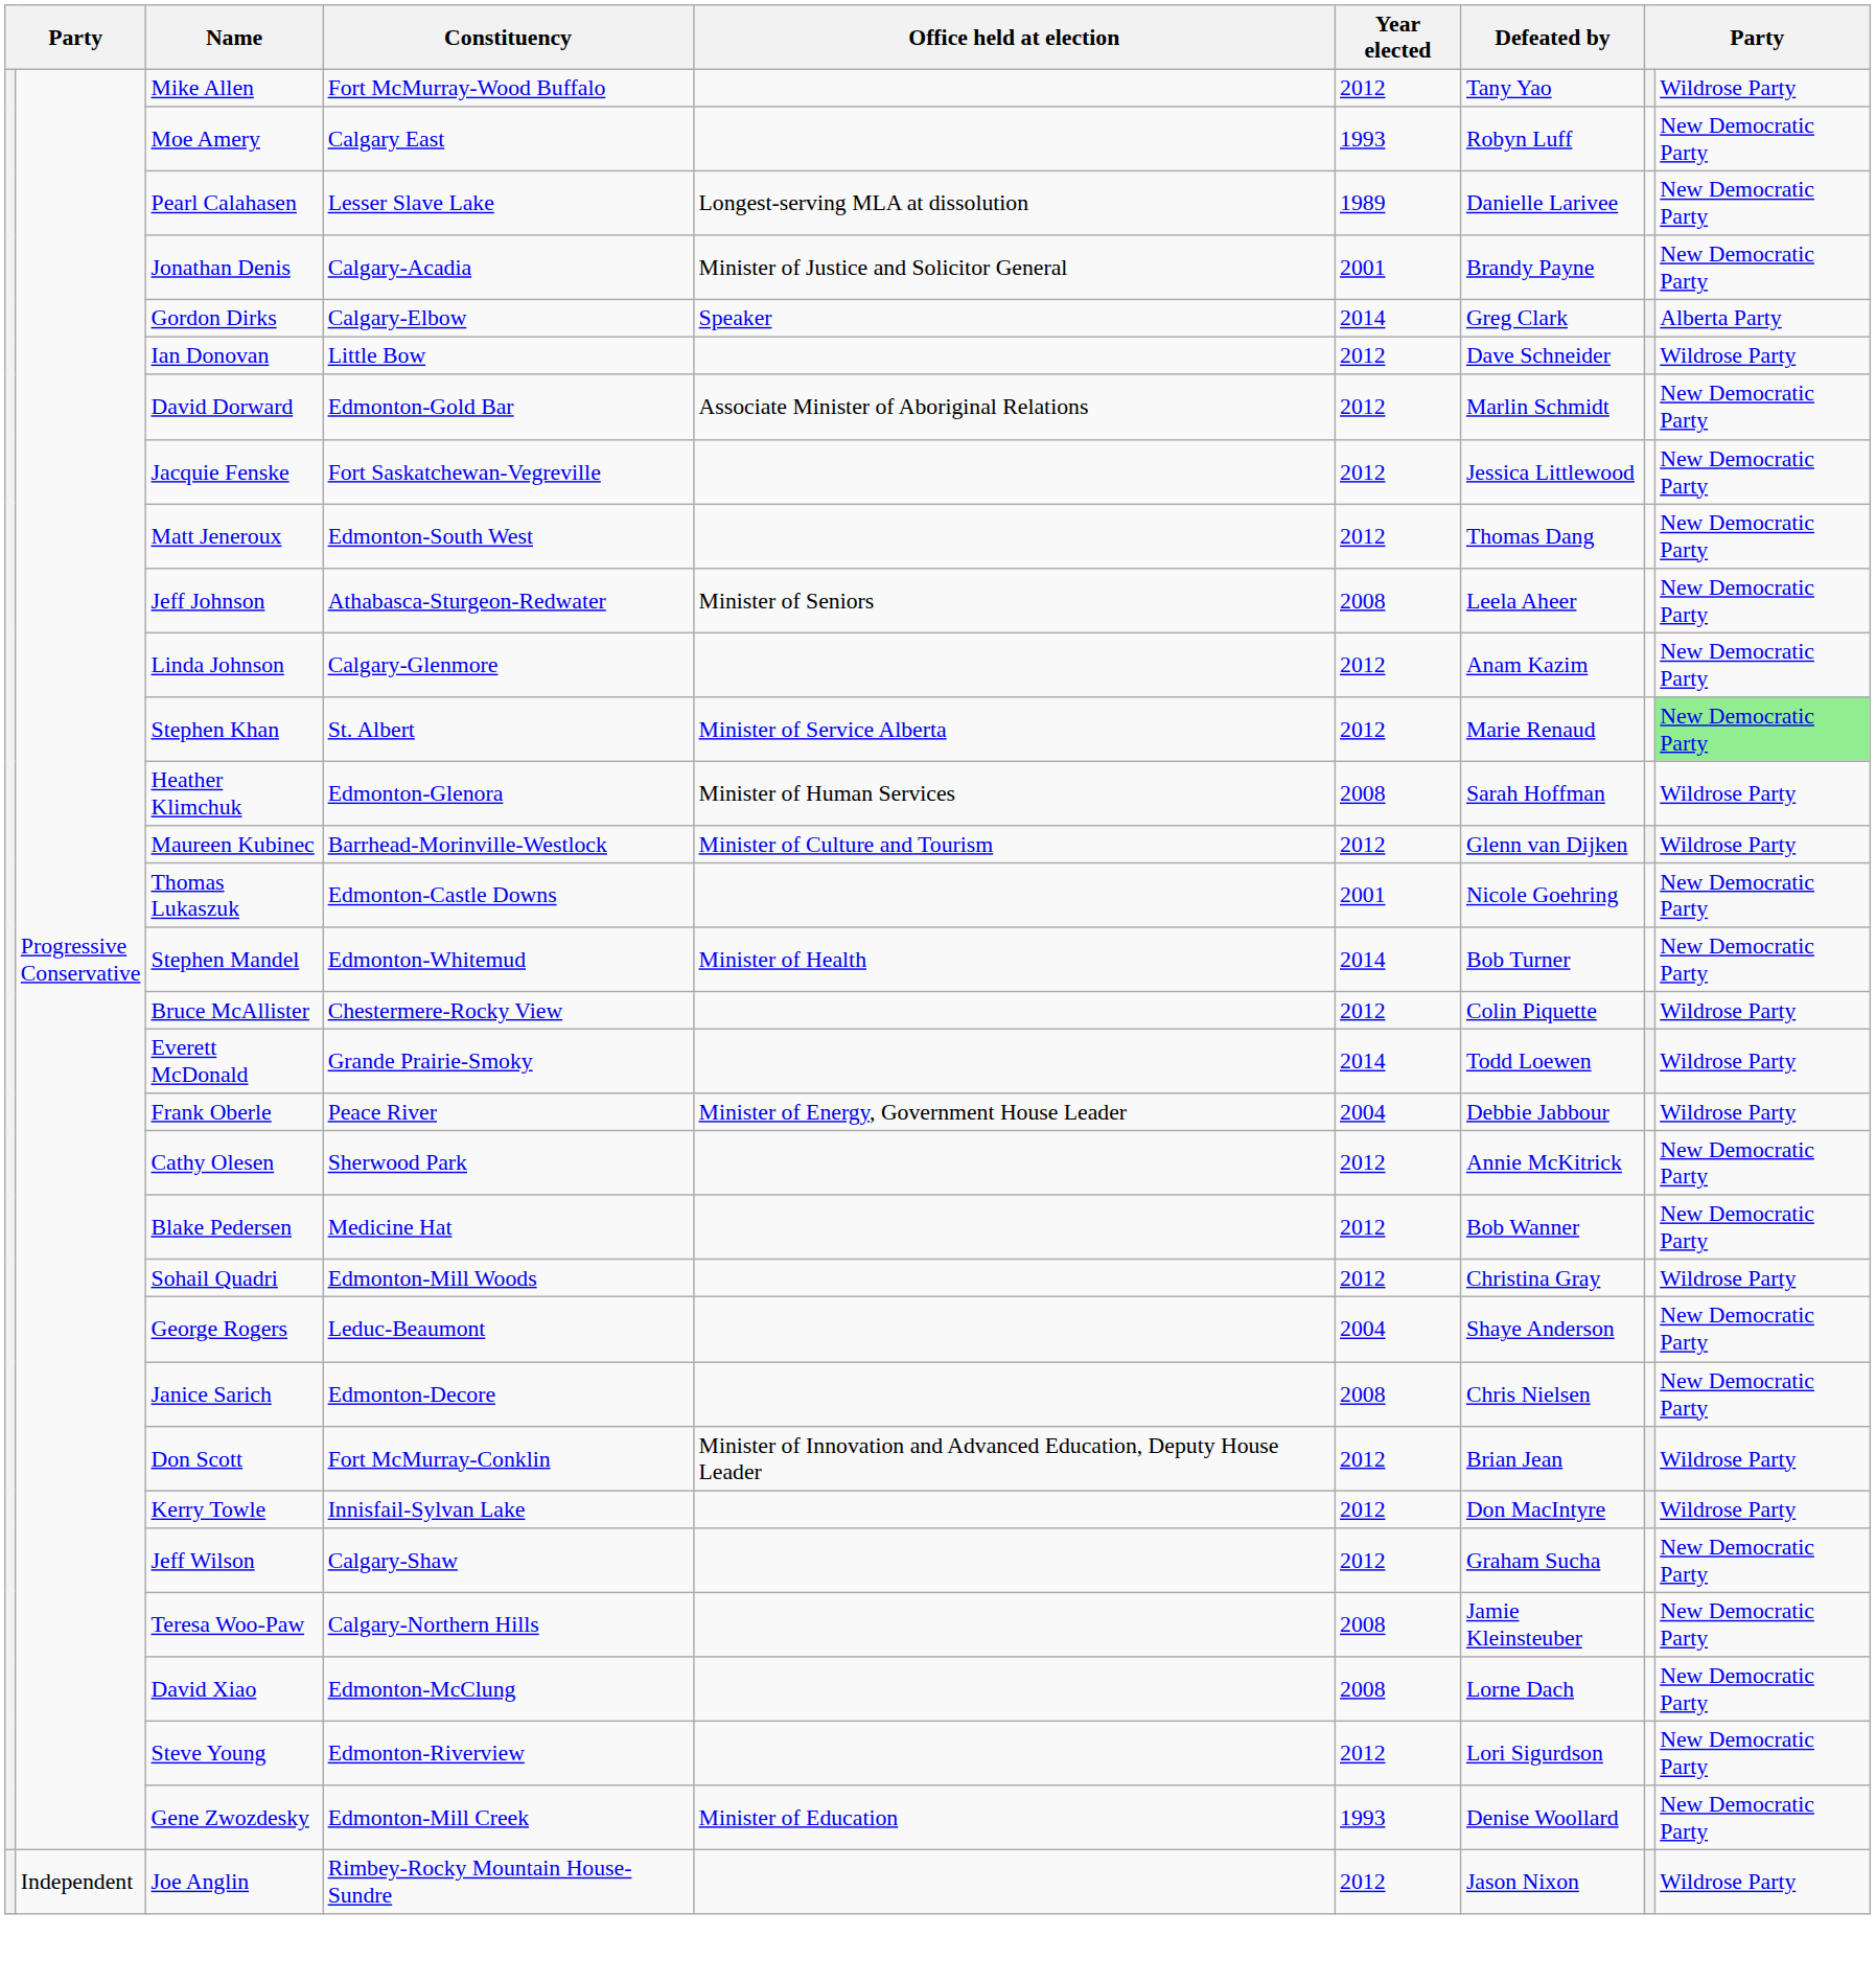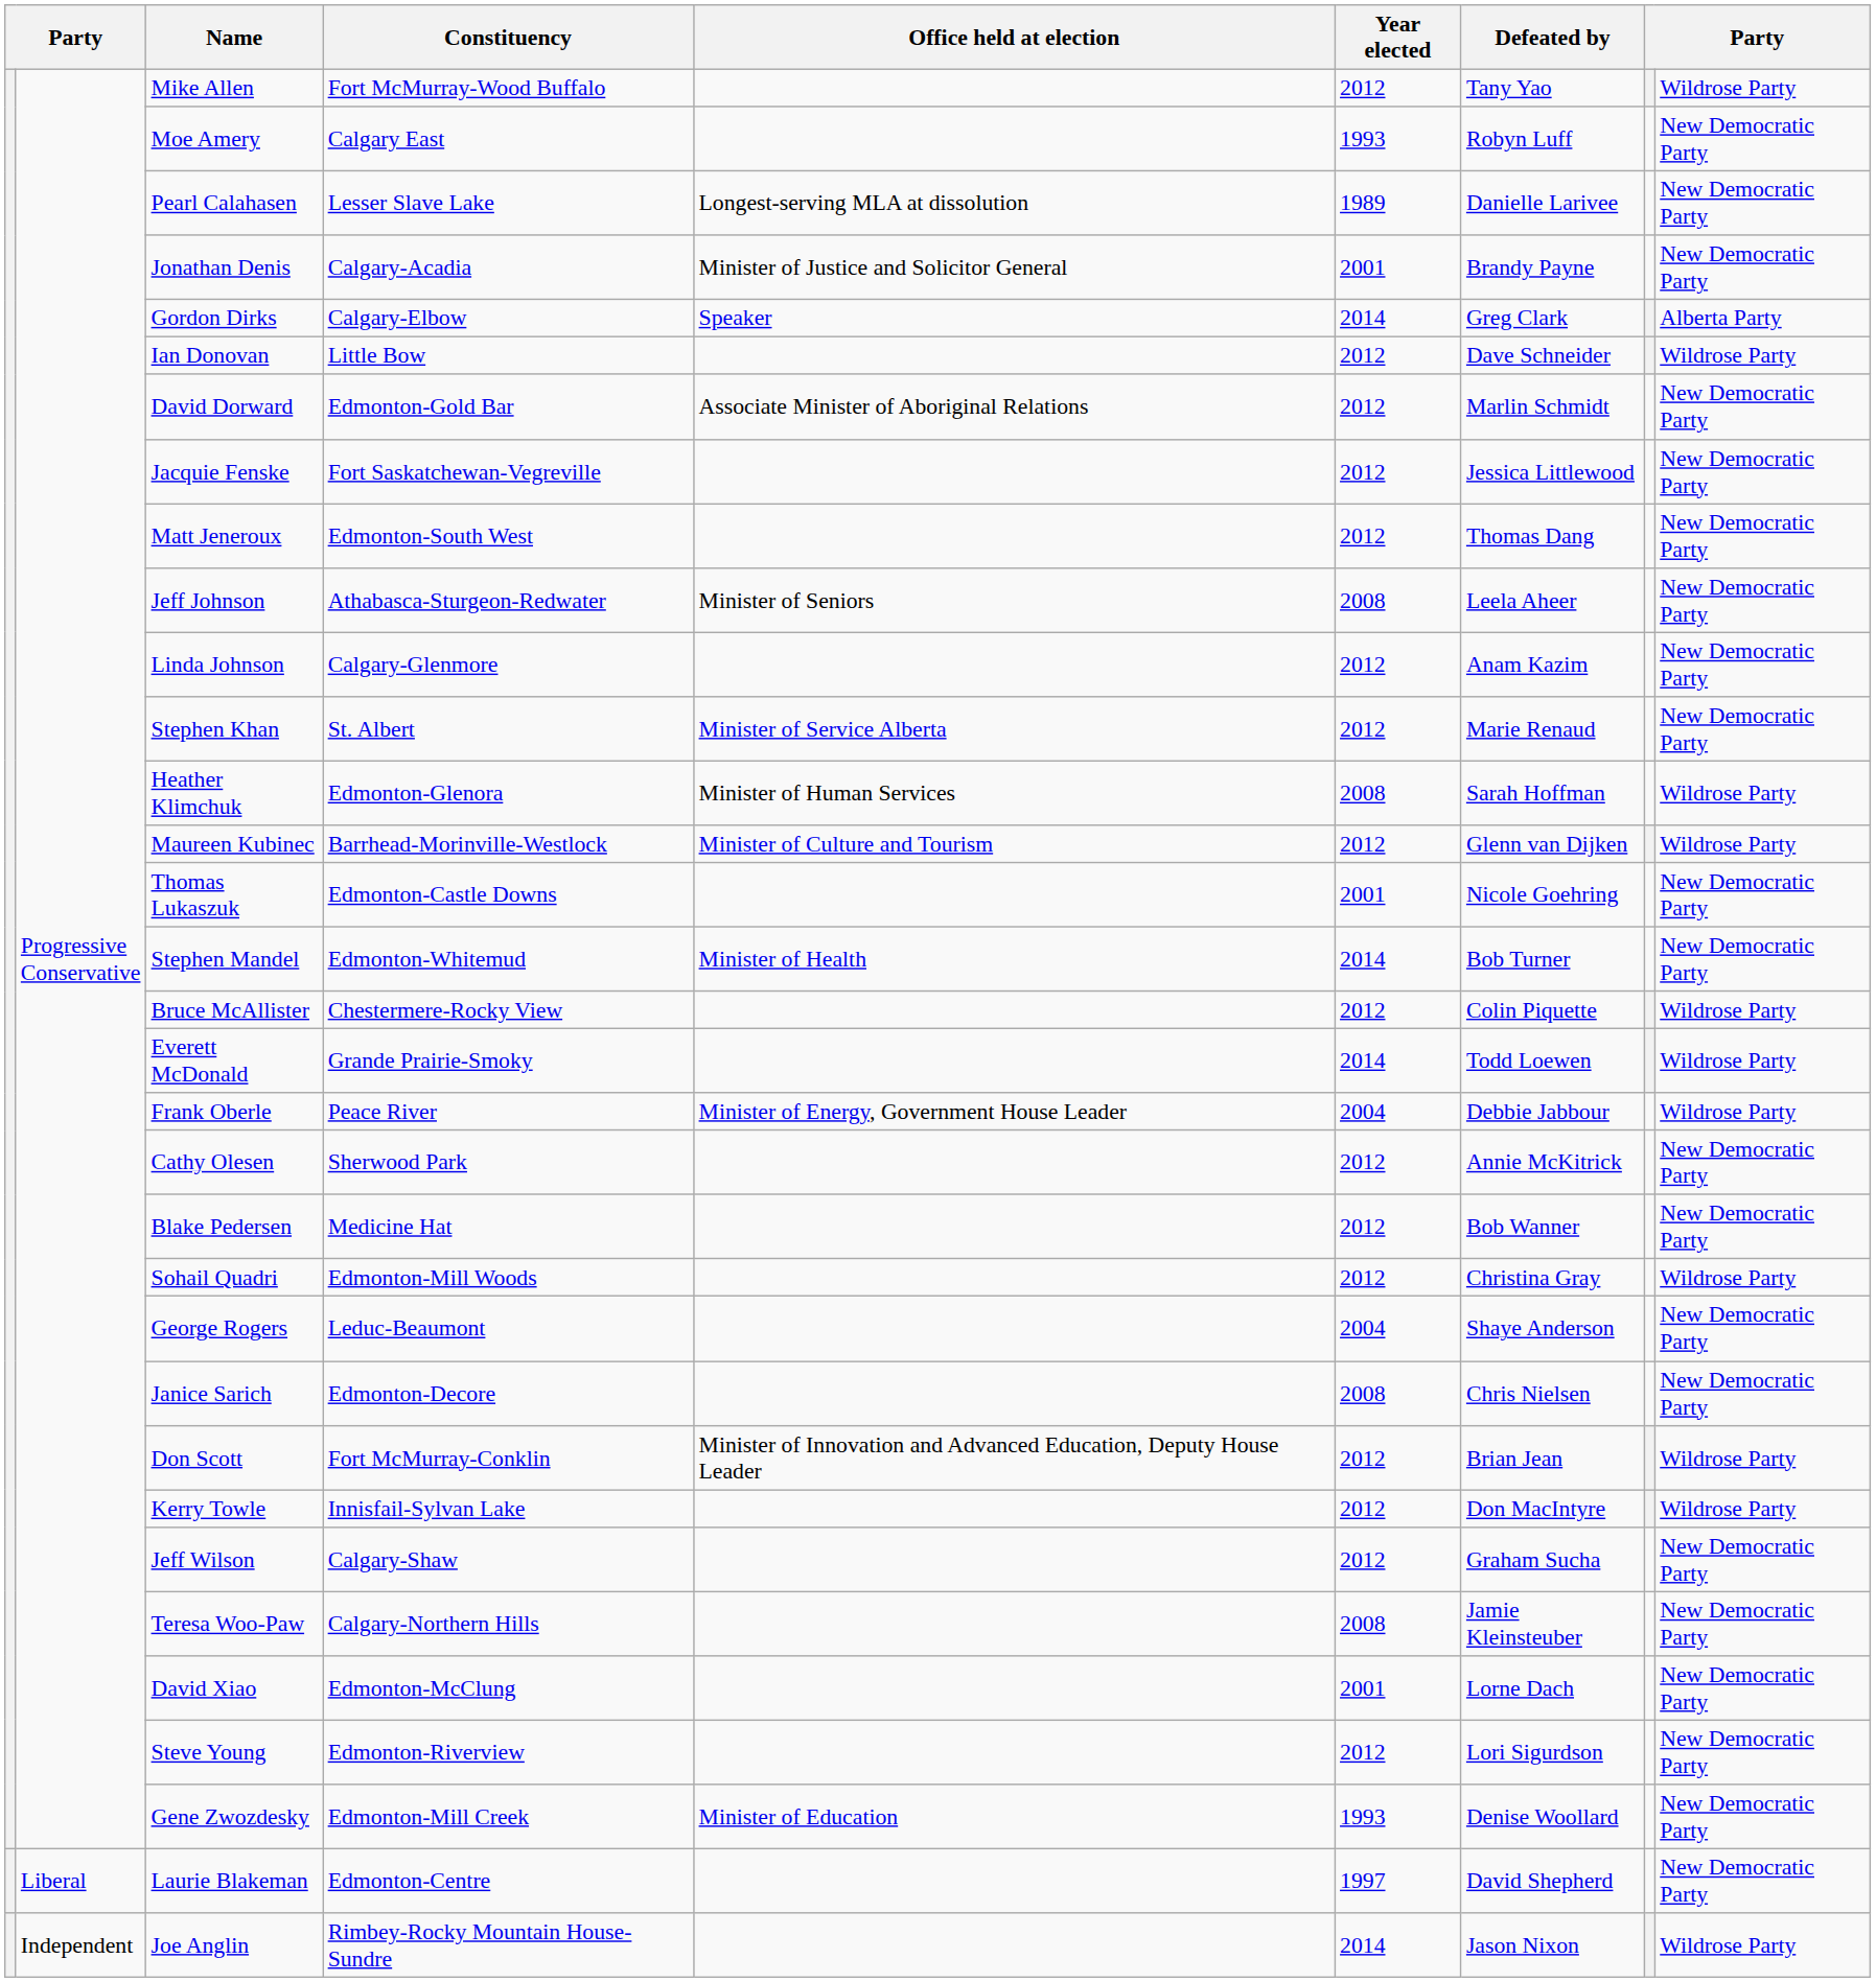 <table class="wikitable" style="font-size: 95%;">
 <tr>
 <th colspan=2>Party</th>
 <th>Name</th>
 <th>Constituency</th>
 <th>Office held at election</th>
 <th>Year elected</th>
 <th>Defeated by</th>
 <th colspan=2>Party</th>
 </tr>
 <tr>
 <th rowspan=31 style="background-color: "></th>
 <td rowspan=31><a href='#'>Progressive<br>Conservative</a></td>
 <td><a href='#'>Mike Allen</a></td>
 <td><a href='#'>Fort McMurray-Wood Buffalo</a></td>
 <td></td>
 <td><a href='#'>2012</a></td>
 <td><a href='#'>Tany Yao</a></td>
 <th rowspan=1 style="background-color: "></th>
 <td><a href='#'>Wildrose Party</a></td>
 </tr>
 <tr>
 <td><a href='#'>Moe Amery</a></td>
 <td><a href='#'>Calgary East</a></td>
 <td></td>
 <td><a href='#'>1993</a></td>
 <td><a href='#'>Robyn Luff</a></td>
 <td></td>
 <td><a href='#'>New Democratic Party</a></td>
 </tr>
 <tr>
 <td><a href='#'>Pearl Calahasen</a></td>
 <td><a href='#'>Lesser Slave Lake</a></td>
 <td>Longest-serving MLA at dissolution</td>
 <td><a href='#'>1989</a></td>
 <td><a href='#'>Danielle Larivee</a></td>
 <td></td>
 <td><a href='#'>New Democratic Party</a></td>
 </tr>
 <tr>
 <td><a href='#'>Jonathan Denis</a></td>
 <td><a href='#'>Calgary-Acadia</a></td>
 <td>Minister of Justice and Solicitor General</td>
 <td><a href='#'>2001</a></td>
 <td><a href='#'>Brandy Payne</a></td>
 <td></td>
 <td><a href='#'>New Democratic Party</a></td>
 </tr>
 <tr>
 <td><a href='#'>Gordon Dirks</a></td>
 <td><a href='#'>Calgary-Elbow</a></td>
 <td><a href='#'>Speaker</a></td>
 <td><a href='#'>2014</a></td>
 <td><a href='#'>Greg Clark</a></td>
 <th rowspan=1 style="background-color: "></th>
 <td><a href='#'>Alberta Party</a></td>
 </tr>
 <tr>
 <td><a href='#'>Ian Donovan</a></td>
 <td><a href='#'>Little Bow</a></td>
 <td></td>
 <td><a href='#'>2012</a></td>
 <td><a href='#'>Dave Schneider</a></td>
 <th rowspan=1 style="background-color: "></th>
 <td><a href='#'>Wildrose Party</a></td>
 </tr>
 <tr>
 <td><a href='#'>David Dorward</a></td>
 <td><a href='#'>Edmonton-Gold Bar</a></td>
 <td>Associate Minister of Aboriginal Relations</td>
 <td><a href='#'>2012</a></td>
 <td><a href='#'>Marlin Schmidt</a></td>
 <td></td>
 <td><a href='#'>New Democratic Party</a></td>
 </tr>
 <tr>
 <td><a href='#'>Jacquie Fenske</a></td>
 <td><a href='#'>Fort Saskatchewan-Vegreville</a></td>
 <td></td>
 <td><a href='#'>2012</a></td>
 <td><a href='#'>Jessica Littlewood</a></td>
 <td></td>
 <td><a href='#'>New Democratic Party</a></td>
 </tr>
 <tr>
 <td><a href='#'>Matt Jeneroux</a></td>
 <td><a href='#'>Edmonton-South West</a></td>
 <td></td>
 <td><a href='#'>2012</a></td>
 <td><a href='#'>Thomas Dang</a></td>
 <td></td>
 <td><a href='#'>New Democratic Party</a></td>
 </tr>
 <tr>
 <td><a href='#'>Jeff Johnson</a></td>
 <td><a href='#'>Athabasca-Sturgeon-Redwater</a></td>
 <td>Minister of Seniors</td>
 <td><a href='#'>2008</a></td>
 <td><a href='#'>Leela Aheer</a></td>
 <td></td>
 <td><a href='#'>New Democratic Party</a></td>
 </tr>
 <tr>
 <td><a href='#'>Linda Johnson</a></td>
 <td><a href='#'>Calgary-Glenmore</a></td>
 <td></td>
 <td><a href='#'>2012</a></td>
 <td><a href='#'>Anam Kazim</a></td>
 <td></td>
 <td><a href='#'>New Democratic Party</a></td>
 </tr>
 <tr>
 <td><a href='#'>Stephen Khan</a></td>
 <td><a href='#'>St. Albert</a></td>
 <td><a href='#'>Minister of Service Alberta</a></td>
 <td><a href='#'>2012</a></td>
 <td><a href='#'>Marie Renaud</a></td>
 <td></td>
-<td style="background: lightgreen;"><a href='#'>New Democratic Party</a></td>
+<td><a href='#'>New Democratic Party</a></td>
 </tr>
 <tr>
 <td><a href='#'>Heather Klimchuk</a></td>
 <td><a href='#'>Edmonton-Glenora</a></td>
 <td>Minister of Human Services</td>
 <td><a href='#'>2008</a></td>
 <td><a href='#'>Sarah Hoffman</a></td>
 <td></td>
 <td><a href='#'>Wildrose Party</a></td>
 </tr>
 <tr>
 <td><a href='#'>Maureen Kubinec</a></td>
 <td><a href='#'>Barrhead-Morinville-Westlock</a></td>
 <td><a href='#'>Minister of Culture and Tourism</a></td>
 <td><a href='#'>2012</a></td>
 <td><a href='#'>Glenn van Dijken</a></td>
 <th rowspan=1 style="background-color: "></th>
 <td><a href='#'>Wildrose Party</a></td>
 </tr>
 <tr>
 <td><a href='#'>Thomas Lukaszuk</a></td>
 <td><a href='#'>Edmonton-Castle Downs</a></td>
 <td></td>
 <td><a href='#'>2001</a></td>
 <td><a href='#'>Nicole Goehring</a></td>
 <td></td>
 <td><a href='#'>New Democratic Party</a></td>
 </tr>
 <tr>
 <td><a href='#'>Stephen Mandel</a></td>
 <td><a href='#'>Edmonton-Whitemud</a></td>
 <td><a href='#'>Minister of Health</a></td>
 <td><a href='#'>2014</a></td>
 <td><a href='#'>Bob Turner</a></td>
 <td></td>
 <td><a href='#'>New Democratic Party</a></td>
 </tr>
 <tr>
 <td><a href='#'>Bruce McAllister</a></td>
 <td><a href='#'>Chestermere-Rocky View</a></td>
 <td></td>
 <td><a href='#'>2012</a></td>
 <td><a href='#'>Colin Piquette</a></td>
 <th rowspan=1 style="background-color: "></th>
 <td><a href='#'>Wildrose Party</a></td>
 </tr>
 <tr>
 <td><a href='#'>Everett McDonald</a></td>
 <td><a href='#'>Grande Prairie-Smoky</a></td>
 <td></td>
 <td><a href='#'>2014</a></td>
 <td><a href='#'>Todd Loewen</a></td>
 <th rowspan=1 style="background-color: "></th>
 <td><a href='#'>Wildrose Party</a></td>
 </tr>
 <tr>
 <td><a href='#'>Frank Oberle</a></td>
 <td><a href='#'>Peace River</a></td>
 <td><a href='#'>Minister of Energy</a>, Government House Leader</td>
 <td><a href='#'>2004</a></td>
 <td><a href='#'>Debbie Jabbour</a></td>
 <td></td>
 <td><a href='#'>Wildrose Party</a></td>
 </tr>
 <tr>
 <td><a href='#'>Cathy Olesen</a></td>
 <td><a href='#'>Sherwood Park</a></td>
 <td></td>
 <td><a href='#'>2012</a></td>
 <td><a href='#'>Annie McKitrick</a></td>
 <td></td>
 <td><a href='#'>New Democratic Party</a></td>
 </tr>
 <tr>
 <td><a href='#'>Blake Pedersen</a></td>
 <td><a href='#'>Medicine Hat</a></td>
 <td></td>
 <td><a href='#'>2012</a></td>
 <td><a href='#'>Bob Wanner</a></td>
 <td></td>
 <td><a href='#'>New Democratic Party</a></td>
 </tr>
 <tr>
 <td><a href='#'>Sohail Quadri</a></td>
 <td><a href='#'>Edmonton-Mill Woods</a></td>
 <td></td>
 <td><a href='#'>2012</a></td>
 <td><a href='#'>Christina Gray</a></td>
 <td></td>
 <td><a href='#'>Wildrose Party</a></td>
 </tr>
 <tr>
 <td><a href='#'>George Rogers</a></td>
 <td><a href='#'>Leduc-Beaumont</a></td>
 <td></td>
 <td><a href='#'>2004</a></td>
 <td><a href='#'>Shaye Anderson</a></td>
 <td></td>
 <td><a href='#'>New Democratic Party</a></td>
 </tr>
 <tr>
 <td><a href='#'>Janice Sarich</a></td>
 <td><a href='#'>Edmonton-Decore</a></td>
 <td></td>
 <td><a href='#'>2008</a></td>
 <td><a href='#'>Chris Nielsen</a></td>
 <td></td>
 <td><a href='#'>New Democratic Party</a></td>
 </tr>
 <tr>
 <td><a href='#'>Don Scott</a></td>
 <td><a href='#'>Fort McMurray-Conklin</a></td>
 <td>Minister of Innovation and Advanced Education, Deputy House Leader</td>
 <td><a href='#'>2012</a></td>
 <td><a href='#'>Brian Jean</a></td>
 <th rowspan=1 style="background-color: "></th>
 <td><a href='#'>Wildrose Party</a></td>
 </tr>
 <tr>
 <td><a href='#'>Kerry Towle</a></td>
 <td><a href='#'>Innisfail-Sylvan Lake</a></td>
 <td></td>
 <td><a href='#'>2012</a></td>
 <td><a href='#'>Don MacIntyre</a></td>
 <th rowspan=1 style="background-color: "></th>
 <td><a href='#'>Wildrose Party</a></td>
 </tr>
 <tr>
 <td><a href='#'>Jeff Wilson</a></td>
 <td><a href='#'>Calgary-Shaw</a></td>
 <td></td>
 <td><a href='#'>2012</a></td>
 <td><a href='#'>Graham Sucha</a></td>
 <td></td>
 <td><a href='#'>New Democratic Party</a></td>
 </tr>
 <tr>
 <td><a href='#'>Teresa Woo-Paw</a></td>
 <td><a href='#'>Calgary-Northern Hills</a></td>
 <td></td>
 <td><a href='#'>2008</a></td>
 <td><a href='#'>Jamie Kleinsteuber</a></td>
 <td></td>
 <td><a href='#'>New Democratic Party</a></td>
 </tr>
 <tr>
 <td><a href='#'>David Xiao</a></td>
 <td><a href='#'>Edmonton-McClung</a></td>
 <td></td>
-<td><a href='#'>2008</a></td>
+<td><a href='#'>2001</a></td>
 <td><a href='#'>Lorne Dach</a></td>
 <td></td>
 <td><a href='#'>New Democratic Party</a></td>
 </tr>
 <tr>
 <td><a href='#'>Steve Young</a></td>
 <td><a href='#'>Edmonton-Riverview</a></td>
 <td></td>
 <td><a href='#'>2012</a></td>
 <td><a href='#'>Lori Sigurdson</a></td>
 <td></td>
 <td><a href='#'>New Democratic Party</a></td>
 </tr>
 <tr>
 <td><a href='#'>Gene Zwozdesky</a></td>
 <td><a href='#'>Edmonton-Mill Creek</a></td>
 <td><a href='#'>Minister of Education</a></td>
 <td><a href='#'>1993</a></td>
 <td><a href='#'>Denise Woollard</a></td>
 <td></td>
 <td><a href='#'>New Democratic Party</a></td>
 </tr>
 <tr>
 <th rowspan=1 style="background-color: "></th>
+<td><a href='#'>Liberal</a></td>
+<td><a href='#'>Laurie Blakeman</a></td>
+<td><a href='#'>Edmonton-Centre</a></td>
+<td></td>
+<td><a href='#'>1997</a></td>
+<td><a href='#'>David Shepherd</a></td>
+<td></td>
+<td><a href='#'>New Democratic Party</a></td>
+</tr>
+<tr>
+<th rowspan=1 style="background-color: "></th>
 <td>Independent</td>
 <td><a href='#'>Joe Anglin</a></td>
 <td><a href='#'>Rimbey-Rocky Mountain House-Sundre</a></td>
 <td></td>
-<td><a href='#'>2012</a></td>
+<td><a href='#'>2014</a></td>
 <td><a href='#'>Jason Nixon</a></td>
 <th rowspan=1 style="background-color: "></th>
 <td><a href='#'>Wildrose Party</a></td>
 </tr>
 </table>
